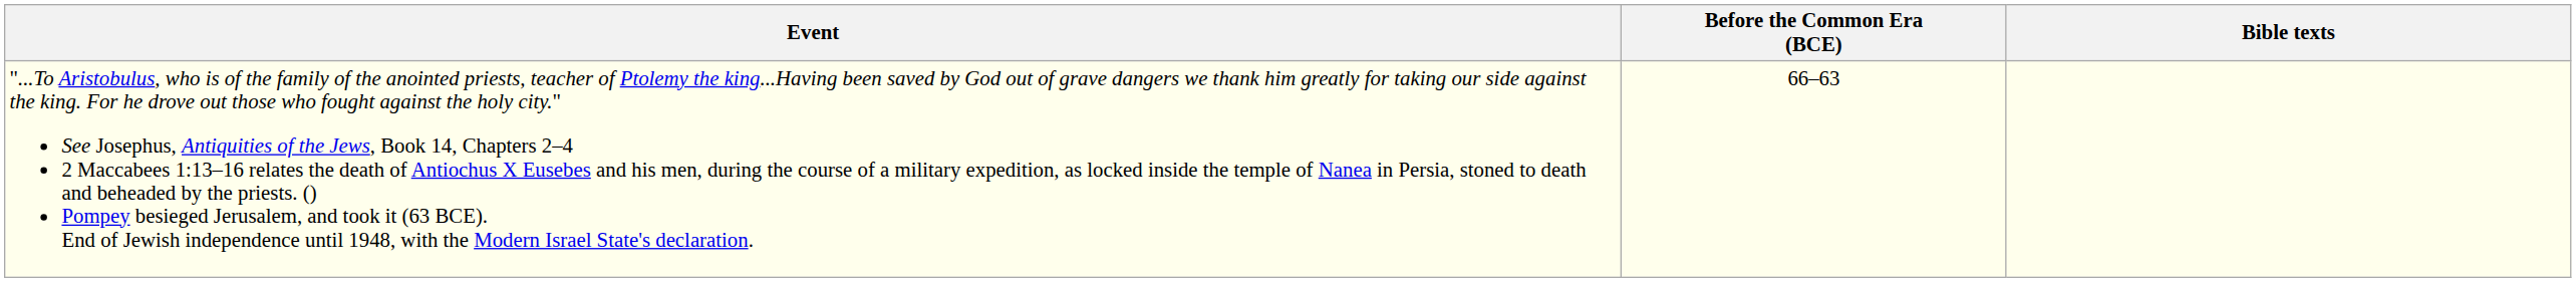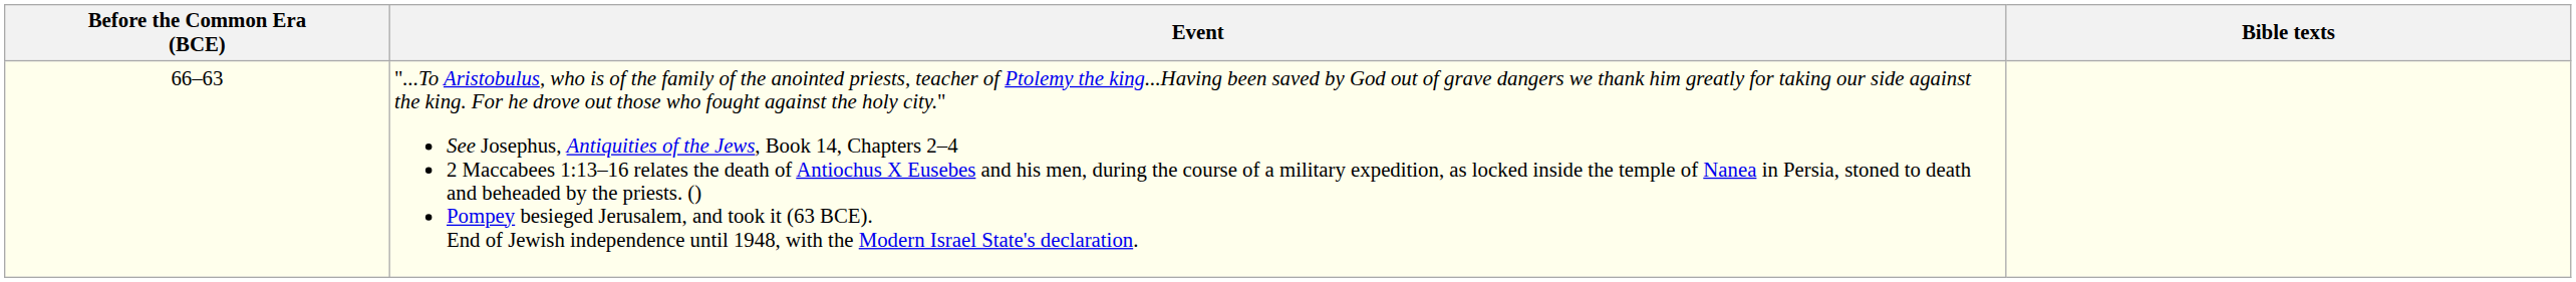 <table class="wikitable" style="align:center;">
 <tr>
+<th style="width:15%;">Before the Common Era<br>(BCE)</th>
 <th style="width:63%;">Event</th>
-<th style="width:15%;">Before the Common Era<br>(BCE)</th>
 <th style="width:22%;">Bible texts</th>
 </tr>
 <tr style="text-align:left; background:#ffffec; vertical-align:top;">
+<td style="text-align:center;">66–63</td>
 <td>"<em>...To <a href='#'>Aristobulus</a>, who is of the family of the anointed priests, teacher of <a href='#'>Ptolemy the king</a>...Having been saved by God out of grave dangers we thank him greatly for taking our side against the king. For he drove out those who fought against the holy city.</em>"<br><ul><li><em>See</em> Josephus, <em><a href='#'>Antiquities of the Jews</a></em>, Book 14, Chapters 2–4</li><li>2 Maccabees 1:13–16 relates the death of <a href='#'>Antiochus X Eusebes</a> and his men, during the course of a military expedition, as locked inside the temple of <a href='#'>Nanea</a> in Persia, stoned to death and beheaded by the priests. ()</li><li><a href='#'>Pompey</a> besieged Jerusalem, and took it (63 BCE). <br> End of Jewish independence until 1948, with the <a href='#'>Modern Israel State's declaration</a>.</li></ul></td>
-<td style="text-align:center;">66–63</td>
 <td></td>
 </tr>
 </table>
